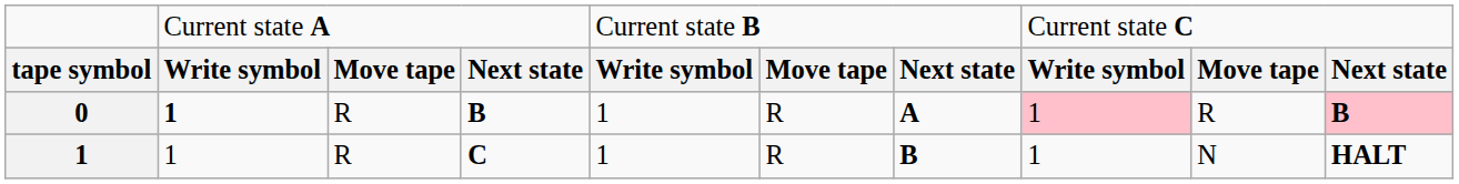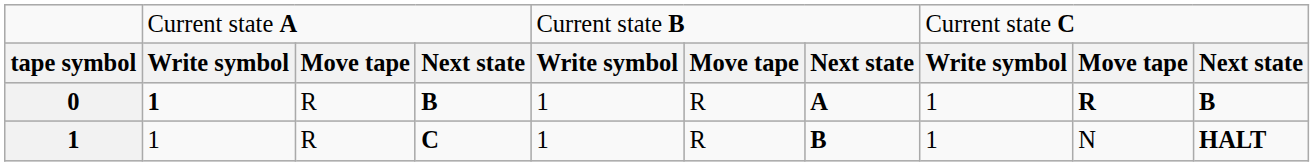 <table class="wikitable">
 <tr>
 <td></td>
 <td colspan="3">Current state <strong>A</strong></td>
 <td colspan="3">Current state <strong>B</strong></td>
 <td colspan="3">Current state <strong>C</strong></td>
 </tr>
 <tr>
 <th>tape symbol</th>
 <th>Write symbol</th>
 <th>Move tape</th>
 <th>Next state</th>
 <th>Write symbol</th>
 <th>Move tape</th>
 <th>Next state</th>
 <th>Write symbol</th>
 <th>Move tape</th>
 <th>Next state</th>
 </tr>
 <tr>
 <th>0</th>
 <td><strong>1</strong></td>
 <td>R</td>
 <td style="font-weight:bold">B</td>
 <td>1</td>
 <td>R</td>
 <td style="font-weight:bold">A</td>
-<td style="background: pink;">1</td>
-<td>R</td>
-<td style="background: pink; font-weight:bold">B</td>
+<td>1</td>
+<td><strong>R</strong></td>
+<td style="font-weight:bold">B</td>
 </tr>
 <tr>
 <th>1</th>
 <td>1</td>
 <td>R</td>
 <td style="font-weight:bold">C</td>
 <td>1</td>
 <td>R</td>
 <td style="font-weight:bold">B</td>
 <td>1</td>
 <td>N</td>
 <td><strong>HALT</strong></td>
 </tr>
 </table>
